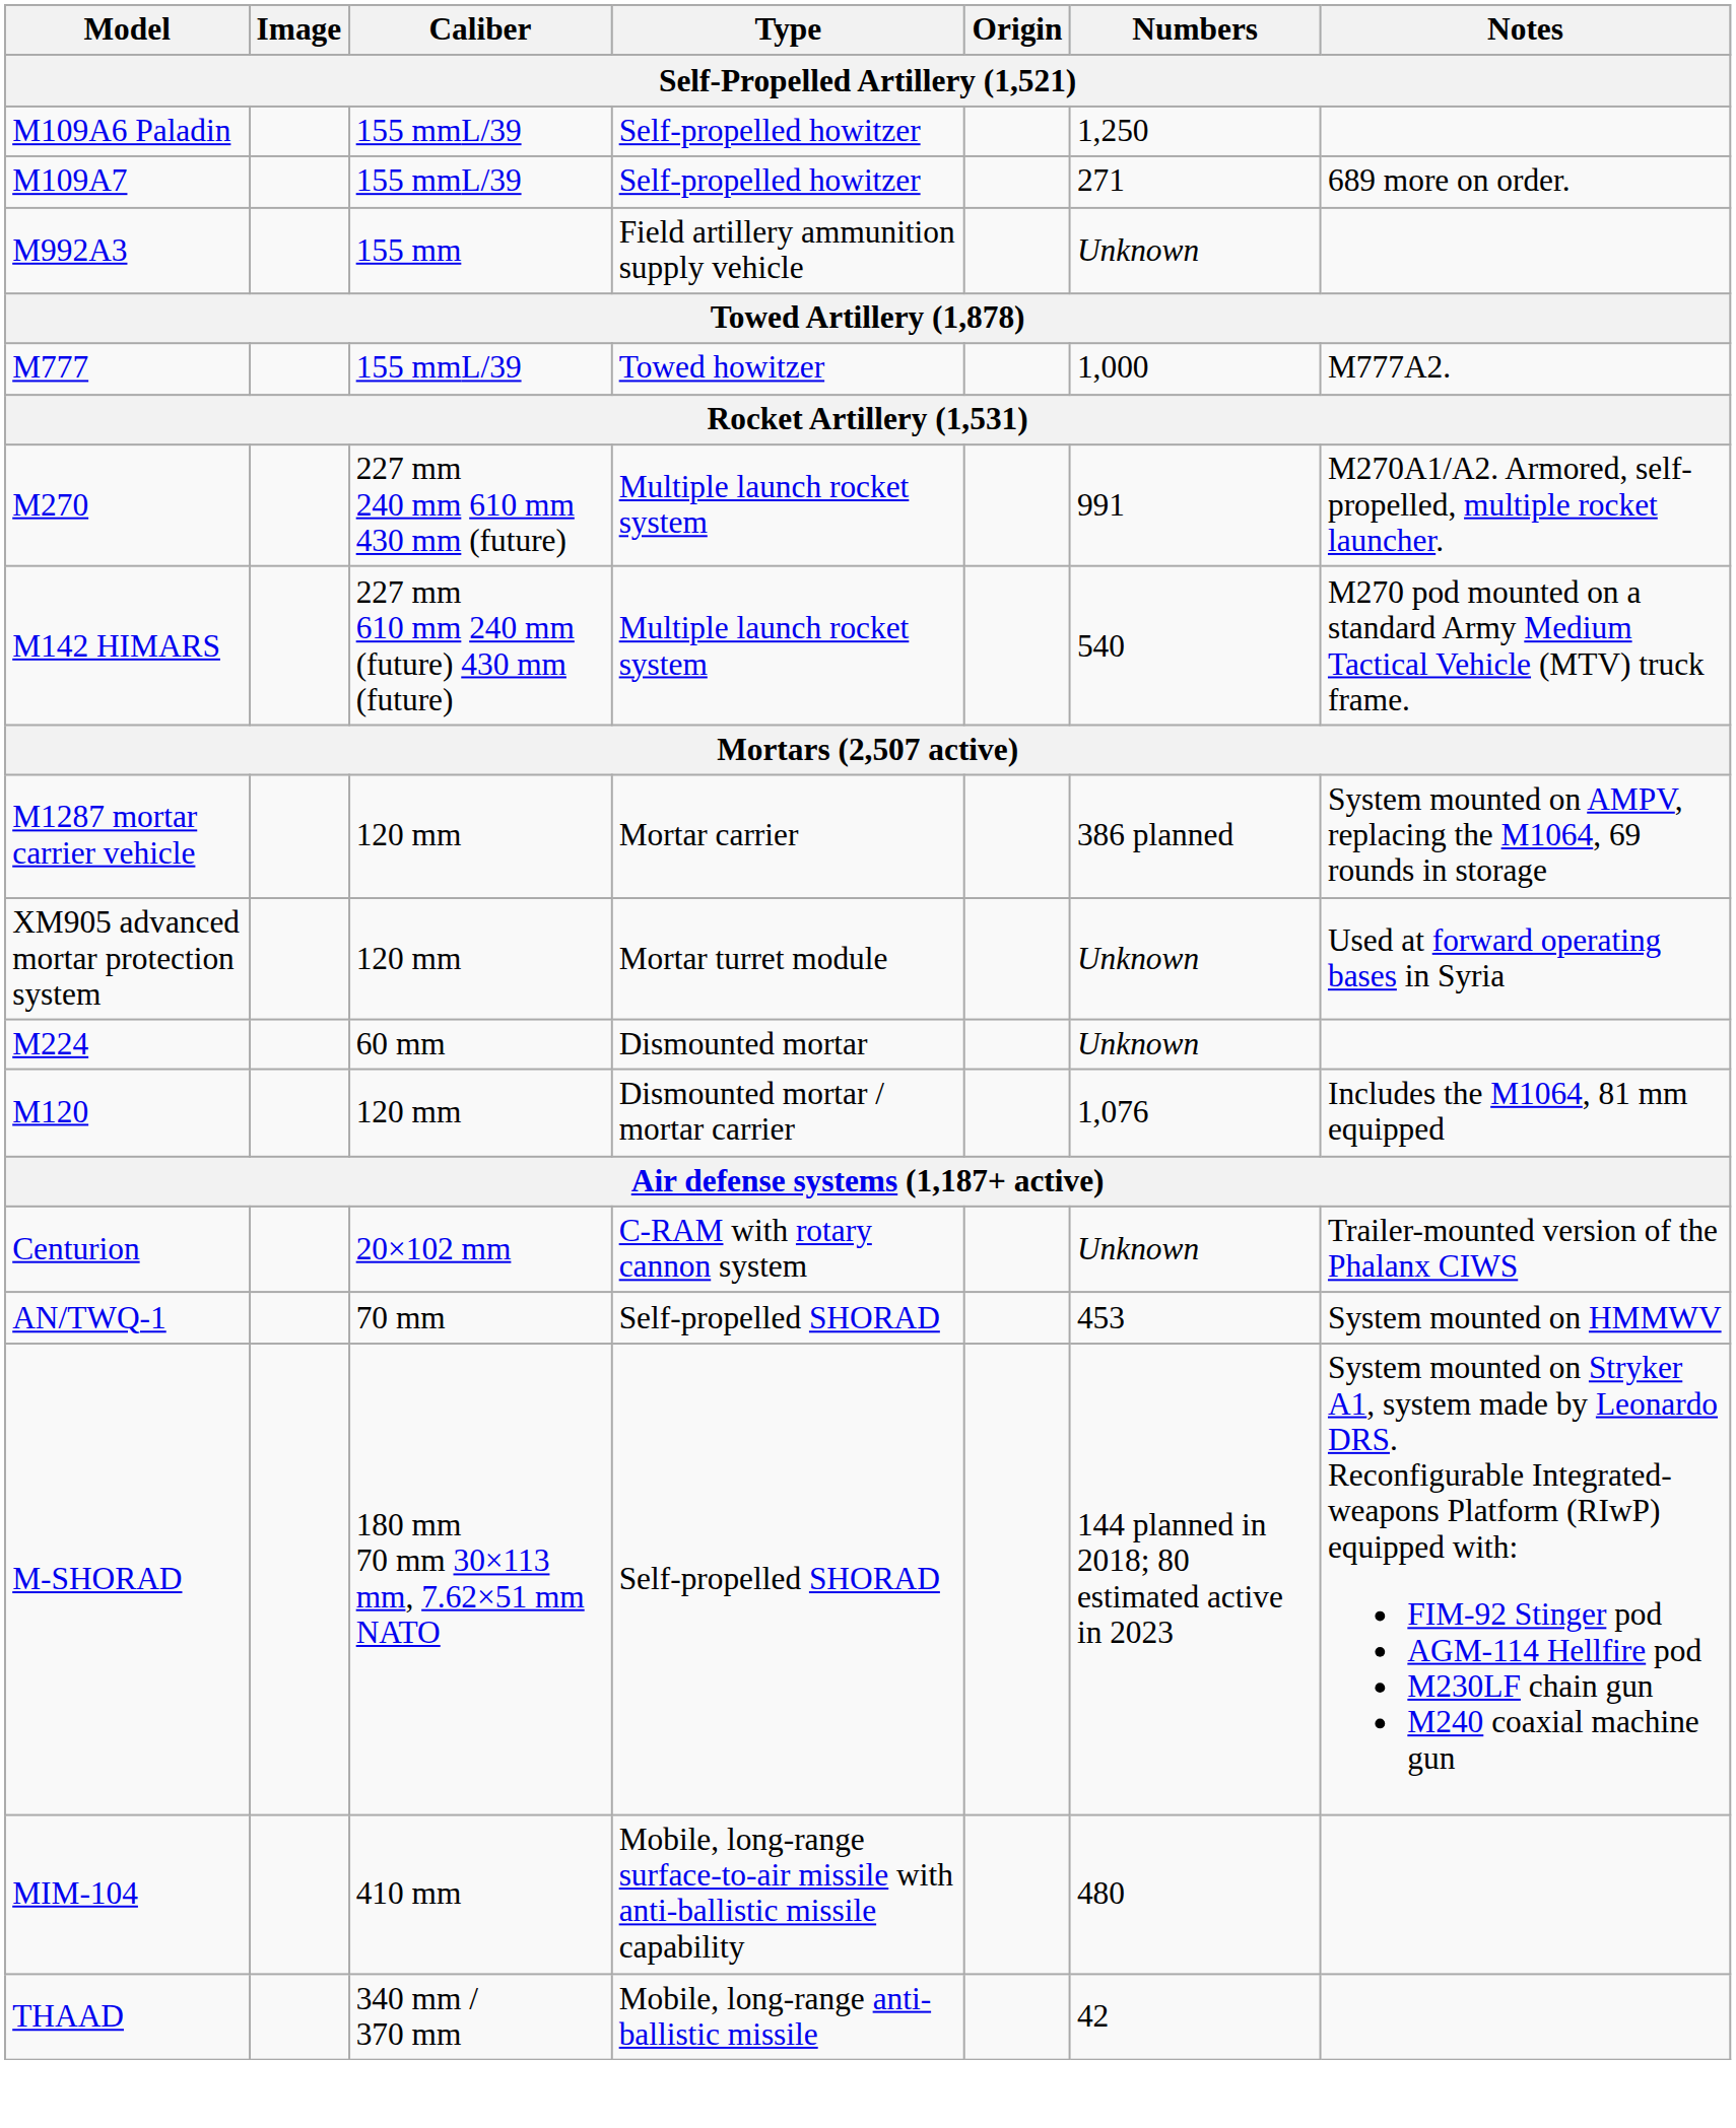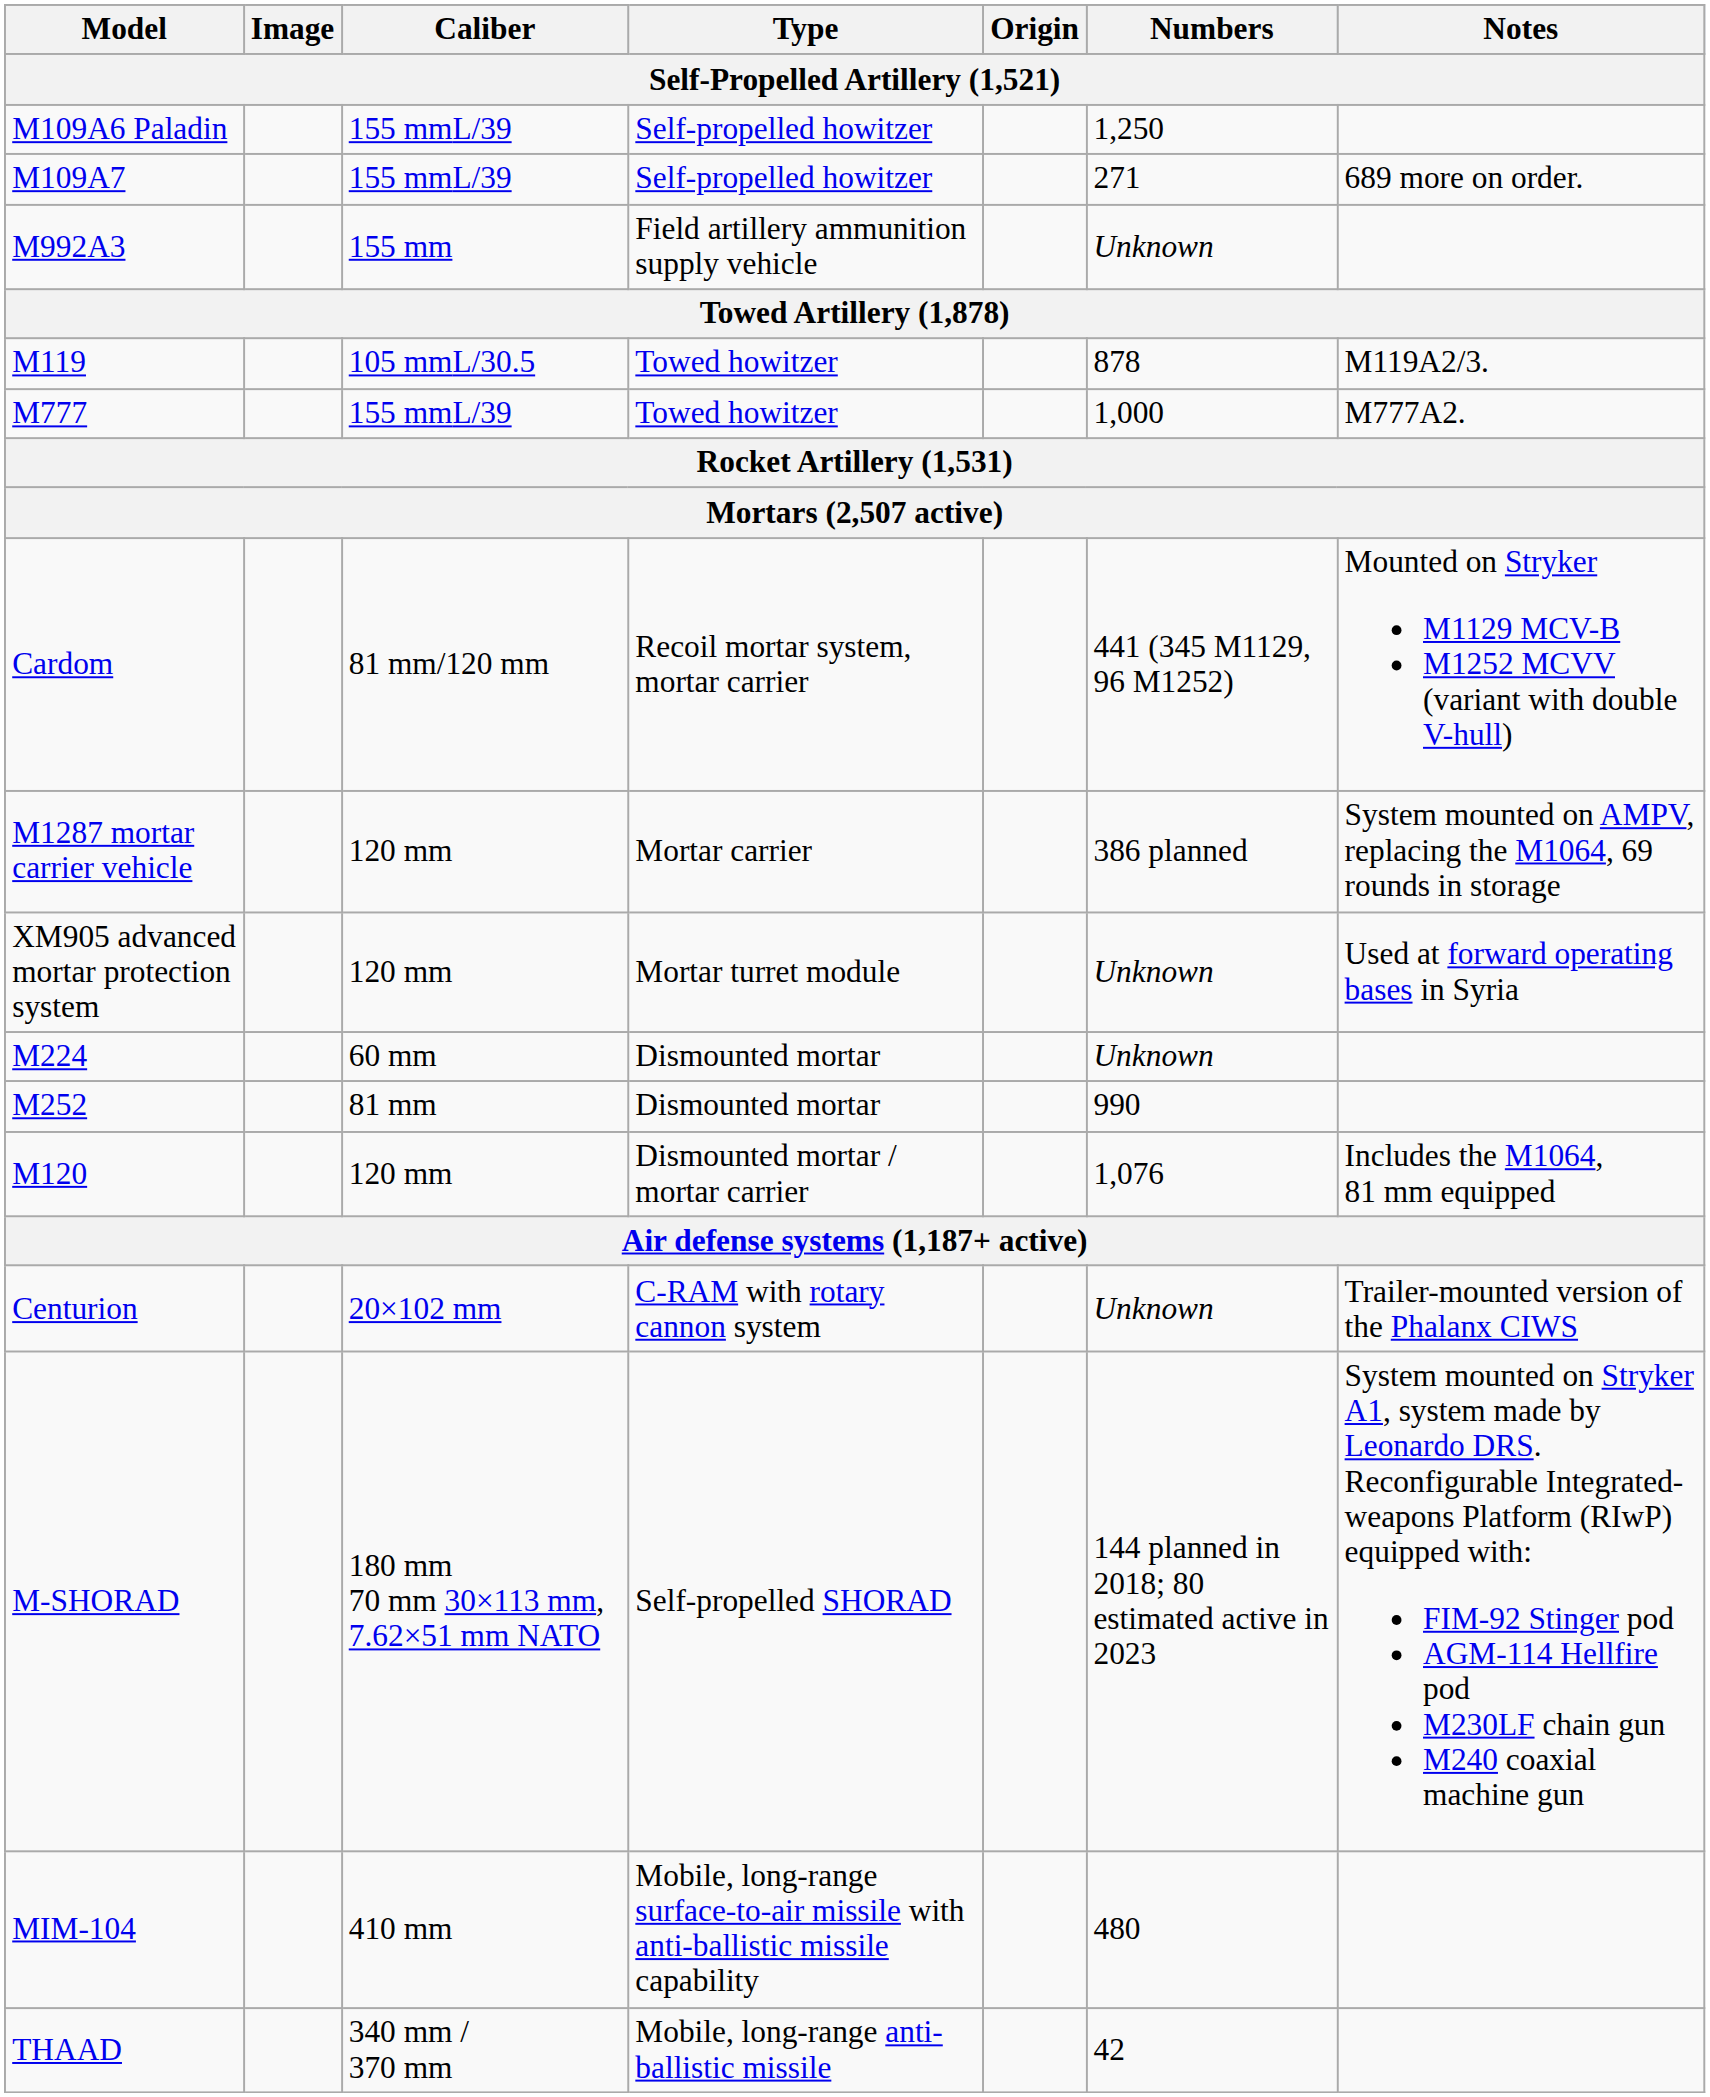 <table class="wikitable">
 <tr style="background:#aabccc;">
 <th>Model</th>
 <th>Image</th>
 <th>Caliber</th>
 <th>Type</th>
 <th>Origin</th>
 <th>Numbers</th>
 <th>Notes</th>
 </tr>
 <tr>
 <th colspan="7">Self-Propelled Artillery (1,521)</th>
 </tr>
 <tr>
 <td><a href='#'>M109A6 Paladin</a></td>
 <td></td>
 <td><a href='#'>155 mm</a><a href='#'>L/39</a></td>
 <td><a href='#'>Self-propelled howitzer</a></td>
 <td></td>
 <td>1,250</td>
 <td></td>
 </tr>
 <tr>
 <td><a href='#'>M109A7</a></td>
 <td></td>
 <td><a href='#'>155 mm</a><a href='#'>L/39</a></td>
 <td><a href='#'>Self-propelled howitzer</a></td>
 <td></td>
 <td>271</td>
 <td>689 more on order.</td>
 </tr>
 <tr>
 <td><a href='#'>M992A3</a></td>
 <td></td>
 <td><a href='#'>155 mm</a></td>
 <td>Field artillery ammunition supply vehicle</td>
 <td></td>
 <td><em>Unknown</em></td>
 <td></td>
 </tr>
 <tr>
 <th colspan="7">Towed Artillery (1,878)</th>
 </tr>
 <tr>
+<td><a href='#'>M119</a></td>
+<td></td>
+<td><a href='#'>105 mm</a><a href='#'>L/30.5</a></td>
+<td><a href='#'>Towed howitzer</a></td>
+<td><br></td>
+<td>878</td>
+<td>M119A2/3.</td>
+</tr>
+<tr>
 <td><a href='#'>M777</a></td>
 <td></td>
 <td><a href='#'>155 mm</a><a href='#'>L/39</a></td>
 <td><a href='#'>Towed howitzer</a></td>
 <td><br></td>
 <td>1,000</td>
 <td>M777A2.</td>
 </tr>
 <tr>
 <th colspan="7">Rocket Artillery (1,531)</th>
 </tr>
 <tr>
-<td><a href='#'>M270</a></td>
-<td></td>
-<td>227 mm<br><a href='#'>240 mm</a> <a href='#'>610 mm</a> <a href='#'>430 mm</a> (future)</td>
-<td><a href='#'>Multiple launch rocket system</a></td>
-<td></td>
-<td>991</td>
-<td>M270A1/A2. Armored, self-propelled, <a href='#'>multiple rocket launcher</a>.</td>
+<th colspan="7">Mortars (2,507 active)</th>
 </tr>
 <tr>
-<td><a href='#'>M142 HIMARS</a></td>
+<td><a href='#'>Cardom</a></td>
 <td></td>
-<td>227 mm<br><a href='#'>610 mm</a> <a href='#'>240 mm</a> (future) <a href='#'>430 mm</a> (future)</td>
-<td><a href='#'>Multiple launch rocket system</a></td>
-<td></td>
-<td>540</td>
-<td>M270 pod mounted on a standard Army <a href='#'>Medium Tactical Vehicle</a> (MTV) truck frame.</td>
-</tr>
-<tr>
-<th colspan="7">Mortars (2,507 active)</th>
+<td>81 mm/120 mm</td>
+<td>Recoil mortar system,<br>mortar carrier</td>
+<td><br></td>
+<td>441 (345 M1129, 96 M1252)</td>
+<td>Mounted on <a href='#'>Stryker</a><br><ul><li><a href='#'>M1129 MCV-B</a></li><li><a href='#'>M1252 MCVV</a> (variant with double <a href='#'>V-hull</a>)</li></ul></td>
 </tr>
 <tr>
 <td><a href='#'>M1287 mortar carrier vehicle</a></td>
 <td></td>
 <td>120 mm</td>
 <td>Mortar carrier</td>
 <td><br></td>
 <td>386 planned</td>
 <td>System mounted on <a href='#'>AMPV</a>, replacing the <a href='#'>M1064</a>, 69 rounds in storage</td>
 </tr>
 <tr>
 <td>XM905 advanced mortar protection system</td>
 <td></td>
 <td>120 mm</td>
 <td>Mortar turret module</td>
 <td></td>
 <td><em>Unknown</em></td>
 <td>Used at <a href='#'>forward operating bases</a> in Syria</td>
 </tr>
 <tr>
 <td><a href='#'>M224</a></td>
 <td></td>
 <td>60 mm</td>
 <td>Dismounted mortar</td>
 <td></td>
 <td><em>Unknown</em></td>
 <td></td>
 </tr>
 <tr>
+<td><a href='#'>M252</a></td>
+<td></td>
+<td>81 mm</td>
+<td>Dismounted mortar</td>
+<td></td>
+<td>990</td>
+<td></td>
+</tr>
+<tr>
 <td><a href='#'>M120</a></td>
 <td></td>
 <td>120 mm</td>
 <td>Dismounted mortar / mortar carrier</td>
 <td></td>
 <td>1,076</td>
 <td>Includes the <a href='#'>M1064</a>, 81 mm equipped</td>
 </tr>
 <tr>
 <th colspan="7"><a href='#'>Air defense systems</a> (1,187+ active)</th>
 </tr>
 <tr>
 <td><a href='#'>Centurion</a></td>
 <td></td>
 <td><a href='#'>20×102 mm</a></td>
 <td><a href='#'>C-RAM</a> with <a href='#'>rotary cannon</a> system</td>
 <td></td>
 <td><em>Unknown</em></td>
 <td>Trailer-mounted version of the <a href='#'>Phalanx CIWS</a></td>
-</tr>
-<tr>
-<td><a href='#'>AN/TWQ-1</a></td>
-<td></td>
-<td>70 mm</td>
-<td>Self-propelled <a href='#'>SHORAD</a></td>
-<td></td>
-<td>453</td>
-<td>System mounted on <a href='#'>HMMWV</a></td>
 </tr>
 <tr>
 <td><a href='#'>M-SHORAD</a></td>
 <td></td>
 <td>180 mm<br>70 mm  <a href='#'>30×113 mm</a>,  <a href='#'>7.62×51 mm NATO</a></td>
 <td>Self-propelled <a href='#'>SHORAD</a></td>
 <td><br></td>
 <td>144 planned in 2018; 80 estimated active in 2023</td>
 <td>System mounted on <a href='#'>Stryker A1</a>, system made by <a href='#'>Leonardo DRS</a>.<br>Reconfigurable Integrated-weapons Platform (RIwP) equipped with:<ul><li><a href='#'>FIM-92 Stinger</a> pod</li><li><a href='#'>AGM-114 Hellfire</a> pod</li><li><a href='#'>M230LF</a> chain gun</li><li><a href='#'>M240</a> coaxial machine gun</li></ul></td>
 </tr>
 <tr>
 <td><a href='#'>MIM-104</a></td>
 <td></td>
 <td>410 mm</td>
 <td>Mobile, long-range <a href='#'>surface-to-air missile</a> with <a href='#'>anti-ballistic missile</a> capability</td>
 <td></td>
 <td>480</td>
 <td></td>
 </tr>
 <tr>
 <td><a href='#'>THAAD</a></td>
 <td></td>
 <td>340 mm /<br>370 mm</td>
 <td>Mobile, long-range <a href='#'>anti-ballistic missile</a></td>
 <td></td>
 <td>42</td>
 <td></td>
 </tr>
 </table>
